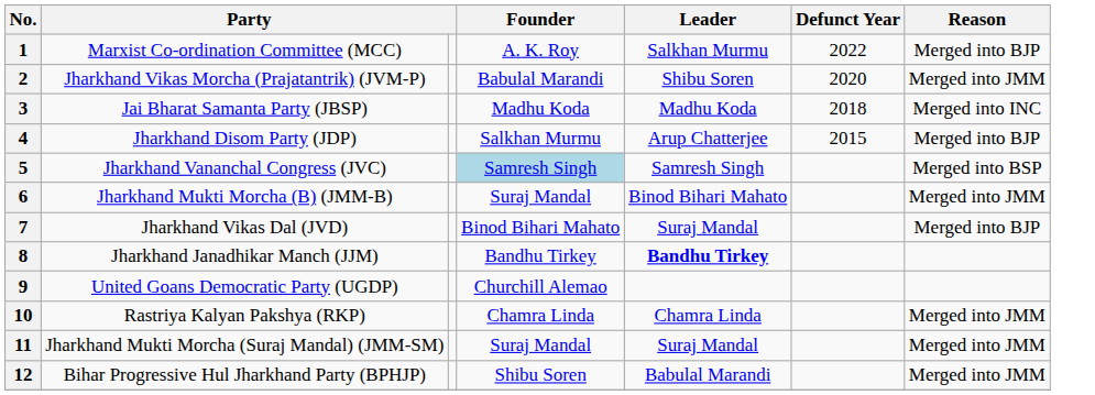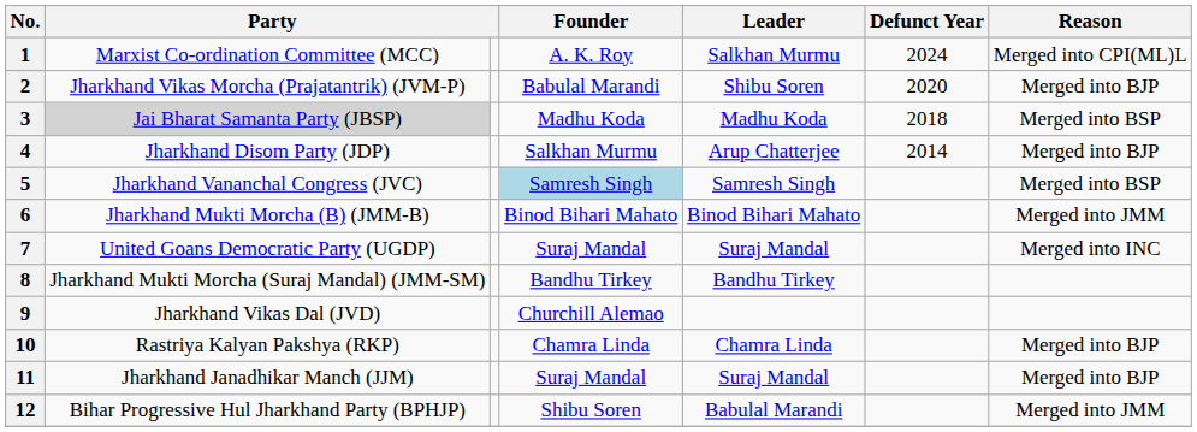 <table class="wikitable sortable" style="text-align:center;">
 <tr>
 <th>No.</th>
 <th Colspan=2>Party</th>
 <th>Founder</th>
 <th>Leader</th>
 <th>Defunct Year</th>
 <th>Reason</th>
 </tr>
 <tr>
 <th>1</th>
 <td><a href='#'>Marxist Co-ordination Committee</a> (MCC)</td>
 <td style="background-color:"></td>
 <td><a href='#'>A. K. Roy</a></td>
 <td><a href='#'>Salkhan Murmu</a></td>
-<td>2022</td>
-<td>Merged into BJP</td>
+<td>2024</td>
+<td>Merged into CPI(ML)L</td>
 </tr>
 <tr>
 <th>2</th>
 <td><a href='#'>Jharkhand Vikas Morcha (Prajatantrik)</a> (JVM-P)</td>
 <td style="background-color:"></td>
 <td><a href='#'>Babulal Marandi</a></td>
 <td><a href='#'>Shibu Soren</a></td>
 <td>2020</td>
-<td>Merged into JMM</td>
+<td>Merged into BJP</td>
 </tr>
 <tr>
 <th>3</th>
-<td><a href='#'>Jai Bharat Samanta Party</a> (JBSP)</td>
+<td style="background: lightgrey;"><a href='#'>Jai Bharat Samanta Party</a> (JBSP)</td>
 <td style="background-color:"></td>
 <td><a href='#'>Madhu Koda</a></td>
 <td><a href='#'>Madhu Koda</a></td>
 <td>2018</td>
-<td>Merged into INC</td>
+<td>Merged into BSP</td>
 </tr>
 <tr>
 <th>4</th>
 <td><a href='#'>Jharkhand Disom Party</a> (JDP)</td>
 <td style="background-color:"></td>
 <td><a href='#'>Salkhan Murmu</a></td>
 <td><a href='#'>Arup Chatterjee</a></td>
-<td>2015</td>
+<td>2014</td>
 <td>Merged into BJP</td>
 </tr>
 <tr>
 <th>5</th>
 <td><a href='#'>Jharkhand Vananchal Congress</a> (JVC)</td>
 <td style="background-color:"></td>
 <td style="background: lightblue;"><a href='#'>Samresh Singh</a></td>
 <td><a href='#'>Samresh Singh</a></td>
 <td></td>
 <td>Merged into BSP</td>
 </tr>
 <tr>
 <th>6</th>
 <td><a href='#'>Jharkhand Mukti Morcha (B)</a> (JMM-B)</td>
 <td style="background-color:"></td>
-<td><a href='#'>Suraj Mandal</a></td>
+<td><a href='#'>Binod Bihari Mahato</a></td>
 <td><a href='#'>Binod Bihari Mahato</a></td>
 <td></td>
 <td>Merged into JMM</td>
 </tr>
 <tr>
 <th>7</th>
-<td>Jharkhand Vikas Dal (JVD)</td>
+<td><a href='#'>United Goans Democratic Party</a> (UGDP)</td>
 <td style="background-color:"></td>
-<td><a href='#'>Binod Bihari Mahato</a></td>
+<td><a href='#'>Suraj Mandal</a></td>
 <td><a href='#'>Suraj Mandal</a></td>
 <td></td>
-<td>Merged into BJP</td>
+<td>Merged into INC</td>
 </tr>
 <tr>
 <th>8</th>
-<td>Jharkhand Janadhikar Manch (JJM)</td>
+<td>Jharkhand Mukti Morcha (Suraj Mandal) (JMM-SM)</td>
 <td style="background-color:"></td>
 <td><a href='#'>Bandhu Tirkey</a></td>
-<td><strong><a href='#'>Bandhu Tirkey</a></strong></td>
+<td><a href='#'>Bandhu Tirkey</a></td>
 <td></td>
 <td></td>
 </tr>
 <tr>
 <th>9</th>
-<td><a href='#'>United Goans Democratic Party</a> (UGDP)</td>
+<td>Jharkhand Vikas Dal (JVD)</td>
 <td style="background-color:"></td>
 <td><a href='#'>Churchill Alemao</a></td>
 <td></td>
 <td></td>
 <td></td>
 </tr>
 <tr>
 <th>10</th>
 <td>Rastriya Kalyan Pakshya (RKP)</td>
 <td style="background-color:"></td>
 <td><a href='#'>Chamra Linda</a></td>
 <td><a href='#'>Chamra Linda</a></td>
 <td></td>
-<td>Merged into JMM</td>
+<td>Merged into BJP</td>
 </tr>
 <tr>
 <th>11</th>
-<td>Jharkhand Mukti Morcha (Suraj Mandal) (JMM-SM)</td>
+<td>Jharkhand Janadhikar Manch (JJM)</td>
 <td style="background-color:"></td>
 <td><a href='#'>Suraj Mandal</a></td>
 <td><a href='#'>Suraj Mandal</a></td>
 <td></td>
-<td>Merged into JMM</td>
+<td>Merged into BJP</td>
 </tr>
 <tr>
 <th>12</th>
 <td>Bihar Progressive Hul Jharkhand Party (BPHJP)</td>
 <td style="background-color:"></td>
 <td><a href='#'>Shibu Soren</a></td>
 <td><a href='#'>Babulal Marandi</a></td>
 <td></td>
 <td>Merged into JMM</td>
 </tr>
 <tr>
 </tr>
 </table>
